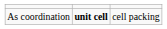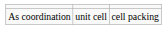 <table class="wikitable" style="margin:1em auto; text-align:center;">
 <tr>
 <td></td>
 <td></td>
 <td></td>
 </tr>
 <tr>
 <td>As coordination</td>
-<td><strong>unit cell</strong></td>
+<td>unit cell</td>
 <td>cell packing</td>
 </tr>
 </table>
